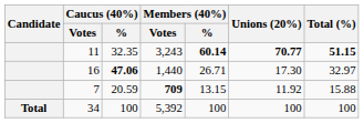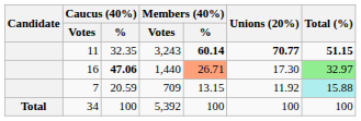 <table class="wikitable plainrowheaders">
 <tr>
 <th scope="col" rowspan="2">Candidate</th>
 <th scope="col" colspan="2">Caucus (40%)</th>
 <th scope="col" colspan="2">Members (40%)</th>
 <th scope="col" rowspan="2">Unions (20%)</th>
 <th scope="col" rowspan="2">Total (%)</th>
 </tr>
 <tr>
 <th scope="col">Votes</th>
 <th scope="col">%</th>
 <th scope="col">Votes</th>
 <th scope="col">%</th>
 </tr>
 <tr>
 <th scope="row" align="left"></th>
 <td align="right">11</td>
 <td align="right">32.35</td>
 <td align="right">3,243</td>
 <td align="right"><strong>60.14</strong></td>
 <td align="right"><strong>70.77</strong></td>
 <td align="right"><strong>51.15</strong></td>
 </tr>
 <tr>
 <th scope="row" align="left"></th>
 <td align="right">16</td>
 <td align="right"><strong>47.06</strong></td>
 <td align="right">1,440</td>
-<td align="right">26.71</td>
+<td align="right" style="background: lightsalmon;">26.71</td>
 <td align="right">17.30</td>
-<td align="right">32.97</td>
+<td align="right" style="background: lightgreen;">32.97</td>
 </tr>
 <tr>
 <th scope="row" align="left"></th>
 <td align="right">7</td>
 <td align="right">20.59</td>
-<td align="right"><strong>709</strong></td>
+<td align="right">709</td>
 <td align="right">13.15</td>
 <td align="right">11.92</td>
-<td align="right">15.88</td>
+<td align="right" style="background: paleturquoise;">15.88</td>
 </tr>
 <tr>
 <th scope="row"><strong>Total</strong></th>
 <td align="right">34</td>
 <td align="right">100</td>
 <td align="right">5,392</td>
 <td align="right">100</td>
 <td align="right">100</td>
 <td align="right">100</td>
 </tr>
 </table>
